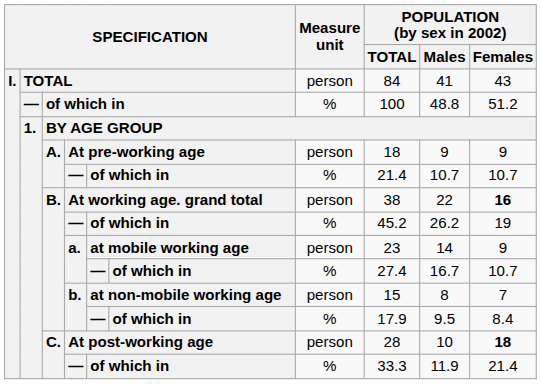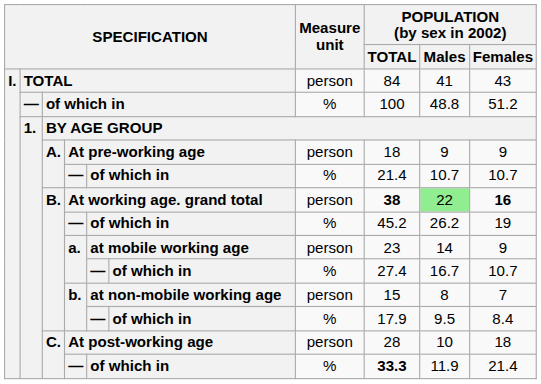 <table class="wikitable" style="font-size:85%; text-align:center">
 <tr>
 <th rowspan="2" colspan="6">SPECIFICATION</th>
 <th rowspan="2">Measure<br> unit</th>
 <th colspan="3" rowspan="1">POPULATION<br> (by sex in 2002)</th>
 </tr>
 <tr>
 <th>TOTAL</th>
 <th>Males</th>
 <th>Females</th>
 </tr>
 <tr>
 <th style="text-align:left" valign="top" rowspan="13">I.</th>
 <th style="text-align:left" colspan="5">TOTAL</th>
 <td>person</td>
 <td>84</td>
 <td>41</td>
 <td>43</td>
 </tr>
 <tr>
 <th style="text-align:left" valign="top">—</th>
 <th style="text-align:left" colspan="4">of which in</th>
 <td>%</td>
 <td>100</td>
 <td>48.8</td>
 <td>51.2</td>
 </tr>
 <tr>
 <th style="text-align:left" valign="top" rowspan="11">1.</th>
 <th style="text-align:left" colspan="19">BY AGE GROUP</th>
 </tr>
 <tr>
 <th style="text-align:left" valign="top" rowspan="2">A.</th>
 <th style="text-align:left" colspan="3">At pre-working age</th>
 <td>person</td>
 <td>18</td>
 <td>9</td>
 <td>9</td>
 </tr>
 <tr>
 <th style="text-align:left" valign="top">—</th>
 <th style="text-align:left" valign="top" colspan="2">of which in</th>
 <td>%</td>
 <td>21.4</td>
 <td>10.7</td>
 <td>10.7</td>
 </tr>
 <tr>
 <th style="text-align:left" valign="top" rowspan="6">B.</th>
 <th style="text-align:left" colspan="3">At working age. grand total</th>
 <td>person</td>
-<td>38</td>
-<td>22</td>
+<td><strong>38</strong></td>
+<td style="background: lightgreen;">22</td>
 <td><strong>16</strong></td>
 </tr>
 <tr>
 <th style="text-align:left" valign="top">—</th>
 <th style="text-align:left" valign="top" colspan="2">of which in</th>
 <td>%</td>
 <td>45.2</td>
 <td>26.2</td>
 <td>19</td>
 </tr>
 <tr>
 <th style="text-align:left" valign="top" rowspan="2">a.</th>
 <th style="text-align:left" colspan="2">at mobile working age</th>
 <td>person</td>
 <td>23</td>
 <td>14</td>
 <td>9</td>
 </tr>
 <tr>
 <th style="text-align:left" valign="top">—</th>
 <th style="text-align:left" valign="top" colspan="1">of which in                        </th>
 <td>%</td>
 <td>27.4</td>
 <td>16.7</td>
 <td>10.7</td>
 </tr>
 <tr>
 <th style="text-align:left" valign="top" rowspan="2">b.</th>
 <th style="text-align:left" colspan="2">at non-mobile working age</th>
 <td>person</td>
 <td>15</td>
 <td>8</td>
 <td>7</td>
 </tr>
 <tr>
 <th style="text-align:left" valign="top">—</th>
 <th style="text-align:left" valign="top" colspan="1">of which in                        </th>
 <td>%</td>
 <td>17.9</td>
 <td>9.5</td>
 <td>8.4</td>
 </tr>
 <tr>
 <th style="text-align:left" valign="top" rowspan="2">C.</th>
 <th style="text-align:left" colspan="3">At post-working age</th>
 <td>person</td>
 <td>28</td>
 <td>10</td>
-<td><strong>18</strong></td>
+<td>18</td>
 </tr>
 <tr>
 <th style="text-align:left" valign="top">—</th>
 <th style="text-align:left" valign="top" colspan="2">of which in</th>
 <td>%</td>
-<td>33.3</td>
+<td><strong>33.3</strong></td>
 <td>11.9</td>
 <td>21.4</td>
 </tr>
 </table>
